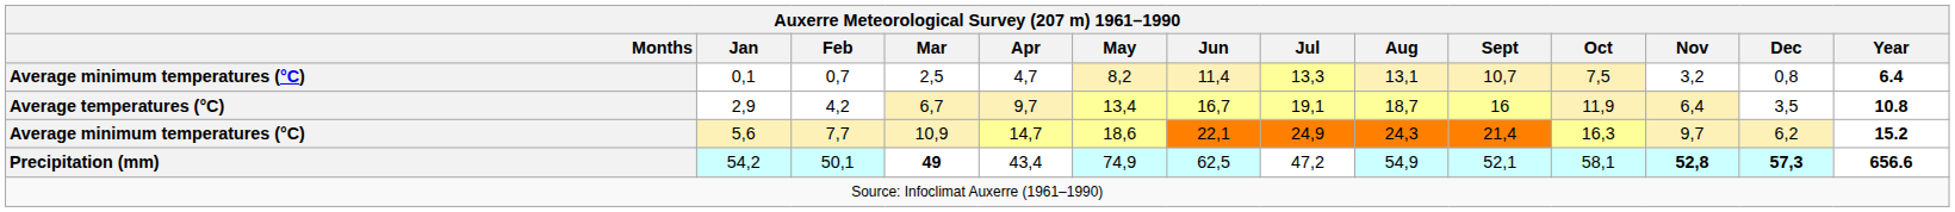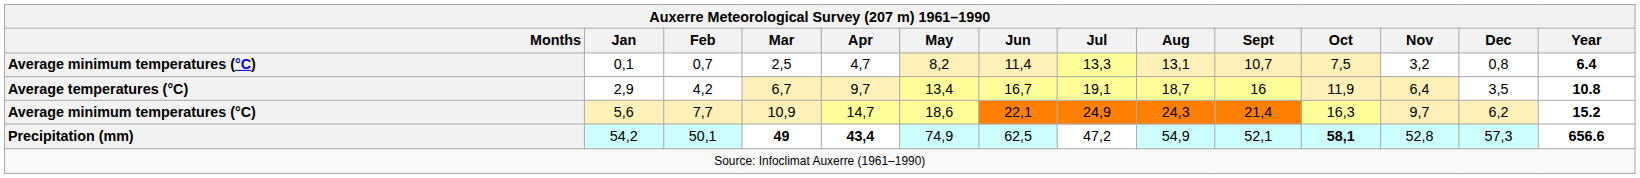 <table class="wikitable" width="100%" style="text-align:center;font-size:87%;line-height:120%">
 <tr>
 <th colspan="14"><strong>Auxerre</strong> Meteorological Survey (<strong>207</strong> m) 1961–1990</th>
 </tr>
 <tr>
 <th style="text-align:right">Months</th>
 <th>Jan</th>
 <th>Feb</th>
 <th>Mar</th>
 <th>Apr</th>
 <th>May</th>
 <th>Jun</th>
 <th>Jul</th>
 <th>Aug</th>
 <th>Sept</th>
 <th>Oct</th>
 <th>Nov</th>
 <th>Dec</th>
 <th>Year</th>
 </tr>
 <tr>
 <th style="text-align:left">Average minimum temperatures (<a href='#'>°C</a>)</th>
 <td style="background:#FFFFFF">0,1</td>
 <td style="background:#FFFFFF">0,7</td>
 <td style="background:#FFFFFF">2,5</td>
 <td style="background:#FFFFFF">4,7</td>
 <td style="background:#FDF1B8">8,2</td>
 <td style="background:#FDF1B8">11,4</td>
 <td style="background:#FFFF99">13,3</td>
 <td style="background:#FDF1B8">13,1</td>
 <td style="background:#FDF1B8">10,7</td>
 <td style="background:#FDF1B8">7,5</td>
 <td style="background:#FFFFFF">3,2</td>
 <td style="background:#FFFFFF">0,8</td>
 <td style="background:#FFFFFF"><strong>6.4</strong></td>
 </tr>
 <tr>
 <th style="text-align:left">Average temperatures (°C)</th>
 <td style="background:#FFFFFF">2,9</td>
 <td style="background:#FFFFFF">4,2</td>
 <td style="background:#FDF1B8">6,7</td>
 <td style="background:#FDF1B8">9,7</td>
 <td style="background:#FFFF99">13,4</td>
 <td style="background:#FFFF99">16,7</td>
 <td style="background:#FFFF99">19,1</td>
 <td style="background:#FFFF99">18,7</td>
 <td style="background:#FFFF99">16</td>
 <td style="background:#FDF1B8">11,9</td>
 <td style="background:#FDF1B8">6,4</td>
 <td style="background:#FFFFFF">3,5</td>
 <td style="background:#FFFFFF"><strong>10.8</strong></td>
 </tr>
 <tr>
 <th style="text-align:left">Average minimum temperatures (°C)</th>
 <td style="background:#FDF1B8">5,6</td>
 <td style="background:#FDF1B8">7,7</td>
 <td style="background:#FDF1B8">10,9</td>
 <td style="background:#FFFF99">14,7</td>
 <td style="background:#FFFF99">18,6</td>
 <td style="background:#FF8000">22,1</td>
 <td style="background:#FF8000">24,9</td>
 <td style="background:#FF8000">24,3</td>
 <td style="background:#FF8000">21,4</td>
 <td style="background:#FFFF99">16,3</td>
 <td style="background:#FDF1B8">9,7</td>
 <td style="background:#FDF1B8">6,2</td>
 <td style="background:#FFFFFF"><strong>15.2</strong></td>
 </tr>
 <tr>
 <th style="text-align:left">Precipitation (mm)</th>
 <td style="background:#CCFFFF">54,2</td>
 <td style="background:#CCFFFF">50,1</td>
 <td style="background:#FFFFFF"><strong>49</strong></td>
-<td style="background:#FFFFFF">43,4</td>
+<td style="background:#FFFFFF"><strong>43,4</strong></td>
 <td style="background:#CCFFFF">74,9</td>
 <td style="background:#CCFFFF">62,5</td>
 <td style="background:#FFFFFF">47,2</td>
 <td style="background:#CCFFFF">54,9</td>
 <td style="background:#CCFFFF">52,1</td>
-<td style="background:#CCFFFF">58,1</td>
-<td style="background:#CCFFFF"><strong>52,8</strong></td>
-<td style="background:#CCFFFF"><strong>57,3</strong></td>
+<td style="background:#CCFFFF"><strong>58,1</strong></td>
+<td style="background:#CCFFFF">52,8</td>
+<td style="background:#CCFFFF">57,3</td>
 <td style="background:#FFFFFF"><strong>656.6</strong></td>
 </tr>
 <tr>
 <td colspan="14"><small>Source: Infoclimat Auxerre (1961–1990)</small></td>
 </tr>
 </table>
